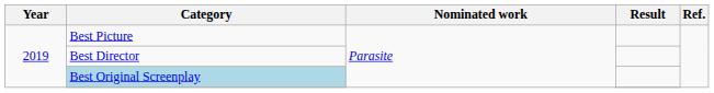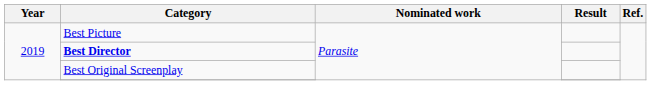 <table class=wikitable>
 <tr>
 <th scope="col" style="width:5em;">Year</th>
 <th scope="col" style="width:26em;">Category</th>
 <th scope="col" style="width:25em;">Nominated work</th>
 <th scope="col" style="width:5em;">Result</th>
 <th>Ref.</th>
 </tr>
 <tr>
 <td style="text-align:center;", rowspan="4"><a href='#'>2019</a></td>
 <td><a href='#'>Best Picture</a></td>
 <td rowspan="4"><em><a href='#'>Parasite</a></em></td>
 <td></td>
 <td rowspan="5" style="text-align:center;"></td>
 </tr>
 <tr>
-<td><a href='#'>Best Director</a></td>
+<td><strong><a href='#'>Best Director</a></strong></td>
 <td></td>
 </tr>
 <tr>
-<td style="background: lightblue;"><a href='#'>Best Original Screenplay</a></td>
+<td><a href='#'>Best Original Screenplay</a></td>
 <td></td>
 </tr>
 <tr>
 </tr>
 </table>
